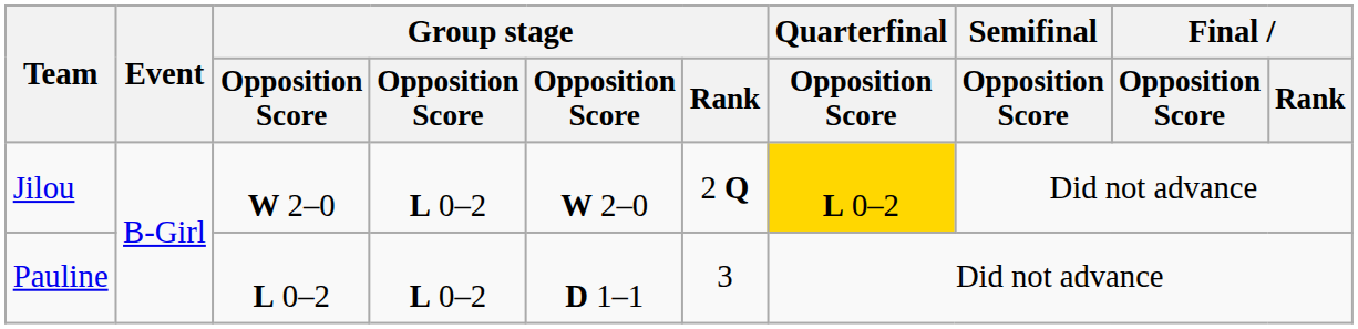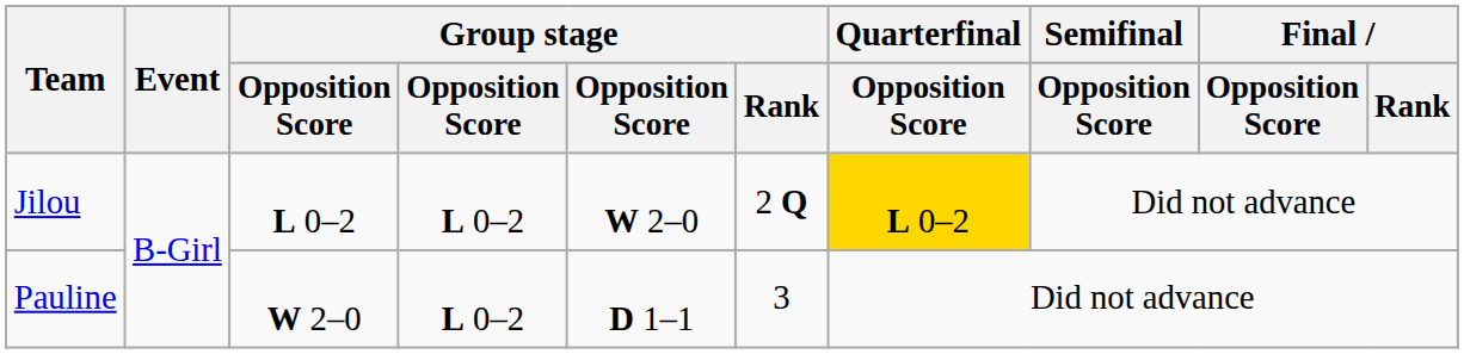 <table class="wikitable" style="font-size:90%">
 <tr>
 <th rowspan=2>Team</th>
 <th rowspan=2>Event</th>
 <th colspan=4>Group stage</th>
 <th>Quarterfinal</th>
 <th>Semifinal</th>
 <th colspan=2>Final / </th>
 </tr>
 <tr style="font-size:95%">
 <th>Opposition<br>Score</th>
 <th>Opposition<br>Score</th>
 <th>Opposition<br>Score</th>
 <th>Rank</th>
 <th>Opposition<br>Score</th>
 <th>Opposition<br>Score</th>
 <th>Opposition<br>Score</th>
 <th>Rank</th>
 </tr>
 <tr align=center>
 <td align=left><a href='#'>Jilou</a></td>
 <td align=left rowspan=2><a href='#'>B-Girl</a></td>
-<td><br><strong>W</strong> 2–0</td>
+<td><br><strong>L</strong> 0–2</td>
 <td><br><strong>L</strong> 0–2</td>
 <td><br><strong>W</strong> 2–0</td>
 <td>2 <strong>Q</strong></td>
 <td style="background: gold;"><br><strong>L</strong> 0–2</td>
 <td colspan=3>Did not advance</td>
 </tr>
 <tr align=center>
 <td align=left><a href='#'>Pauline</a></td>
-<td><br><strong>L</strong> 0–2</td>
+<td><br><strong>W</strong> 2–0</td>
 <td><br><strong>L</strong> 0–2</td>
 <td><br><strong>D</strong> 1–1</td>
 <td>3</td>
 <td colspan=4>Did not advance</td>
 </tr>
 </table>
